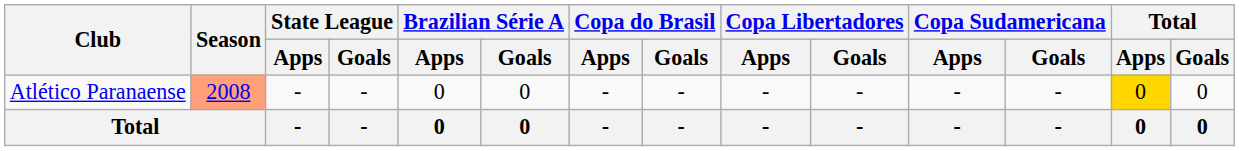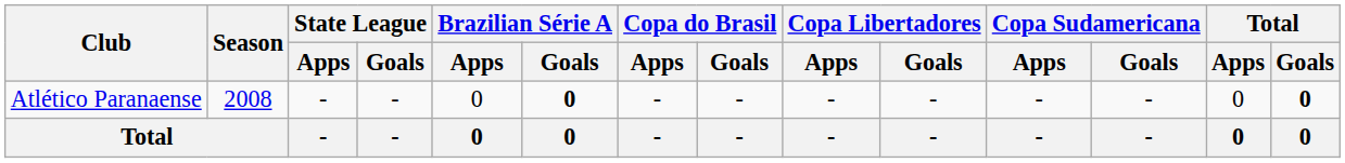 <table class="wikitable" style="text-align: center;">
 <tr>
 <th rowspan="2">Club</th>
 <th rowspan="2">Season</th>
 <th colspan="2">State League</th>
 <th colspan="2"><a href='#'>Brazilian Série A</a></th>
 <th colspan="2"><a href='#'>Copa do Brasil</a></th>
 <th colspan="2"><a href='#'>Copa Libertadores</a></th>
 <th colspan="2"><a href='#'>Copa Sudamericana</a></th>
 <th colspan="2">Total</th>
 </tr>
 <tr>
 <th>Apps</th>
 <th>Goals</th>
 <th>Apps</th>
 <th>Goals</th>
 <th>Apps</th>
 <th>Goals</th>
 <th>Apps</th>
 <th>Goals</th>
 <th>Apps</th>
 <th>Goals</th>
 <th>Apps</th>
 <th>Goals</th>
 </tr>
 <tr>
 <td rowspan="1" valign="center"><a href='#'>Atlético Paranaense</a></td>
-<td style="background: lightsalmon;"><a href='#'>2008</a></td>
+<td><a href='#'>2008</a></td>
 <td>-</td>
 <td>-</td>
 <td>0</td>
-<td>0</td>
+<td><strong>0</strong></td>
 <td>-</td>
 <td>-</td>
 <td>-</td>
 <td>-</td>
 <td>-</td>
 <td>-</td>
-<td style="background: gold;">0</td>
 <td>0</td>
+<td><strong>0</strong></td>
 </tr>
 <tr>
 <th colspan="2"><strong>Total</strong></th>
 <th>-</th>
 <th>-</th>
 <th>0</th>
 <th>0</th>
 <th>-</th>
 <th>-</th>
 <th>-</th>
 <th>-</th>
 <th>-</th>
 <th>-</th>
 <th>0</th>
 <th>0</th>
 </tr>
 </table>
